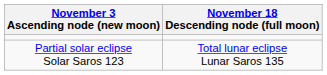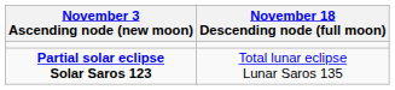 <table class="wikitable">
 <tr>
 <th><a href='#'>November 3</a><br>Ascending node (new moon)<br></th>
 <th><a href='#'>November 18</a><br>Descending node (full moon)<br></th>
 </tr>
 <tr>
 <td></td>
 <td></td>
 </tr>
 <tr align=center>
-<td><a href='#'>Partial solar eclipse</a><br>Solar Saros 123</td>
+<td><strong><a href='#'>Partial solar eclipse</a><br>Solar Saros 123</strong></td>
 <td><a href='#'>Total lunar eclipse</a><br>Lunar Saros 135</td>
 </tr>
 </table>
